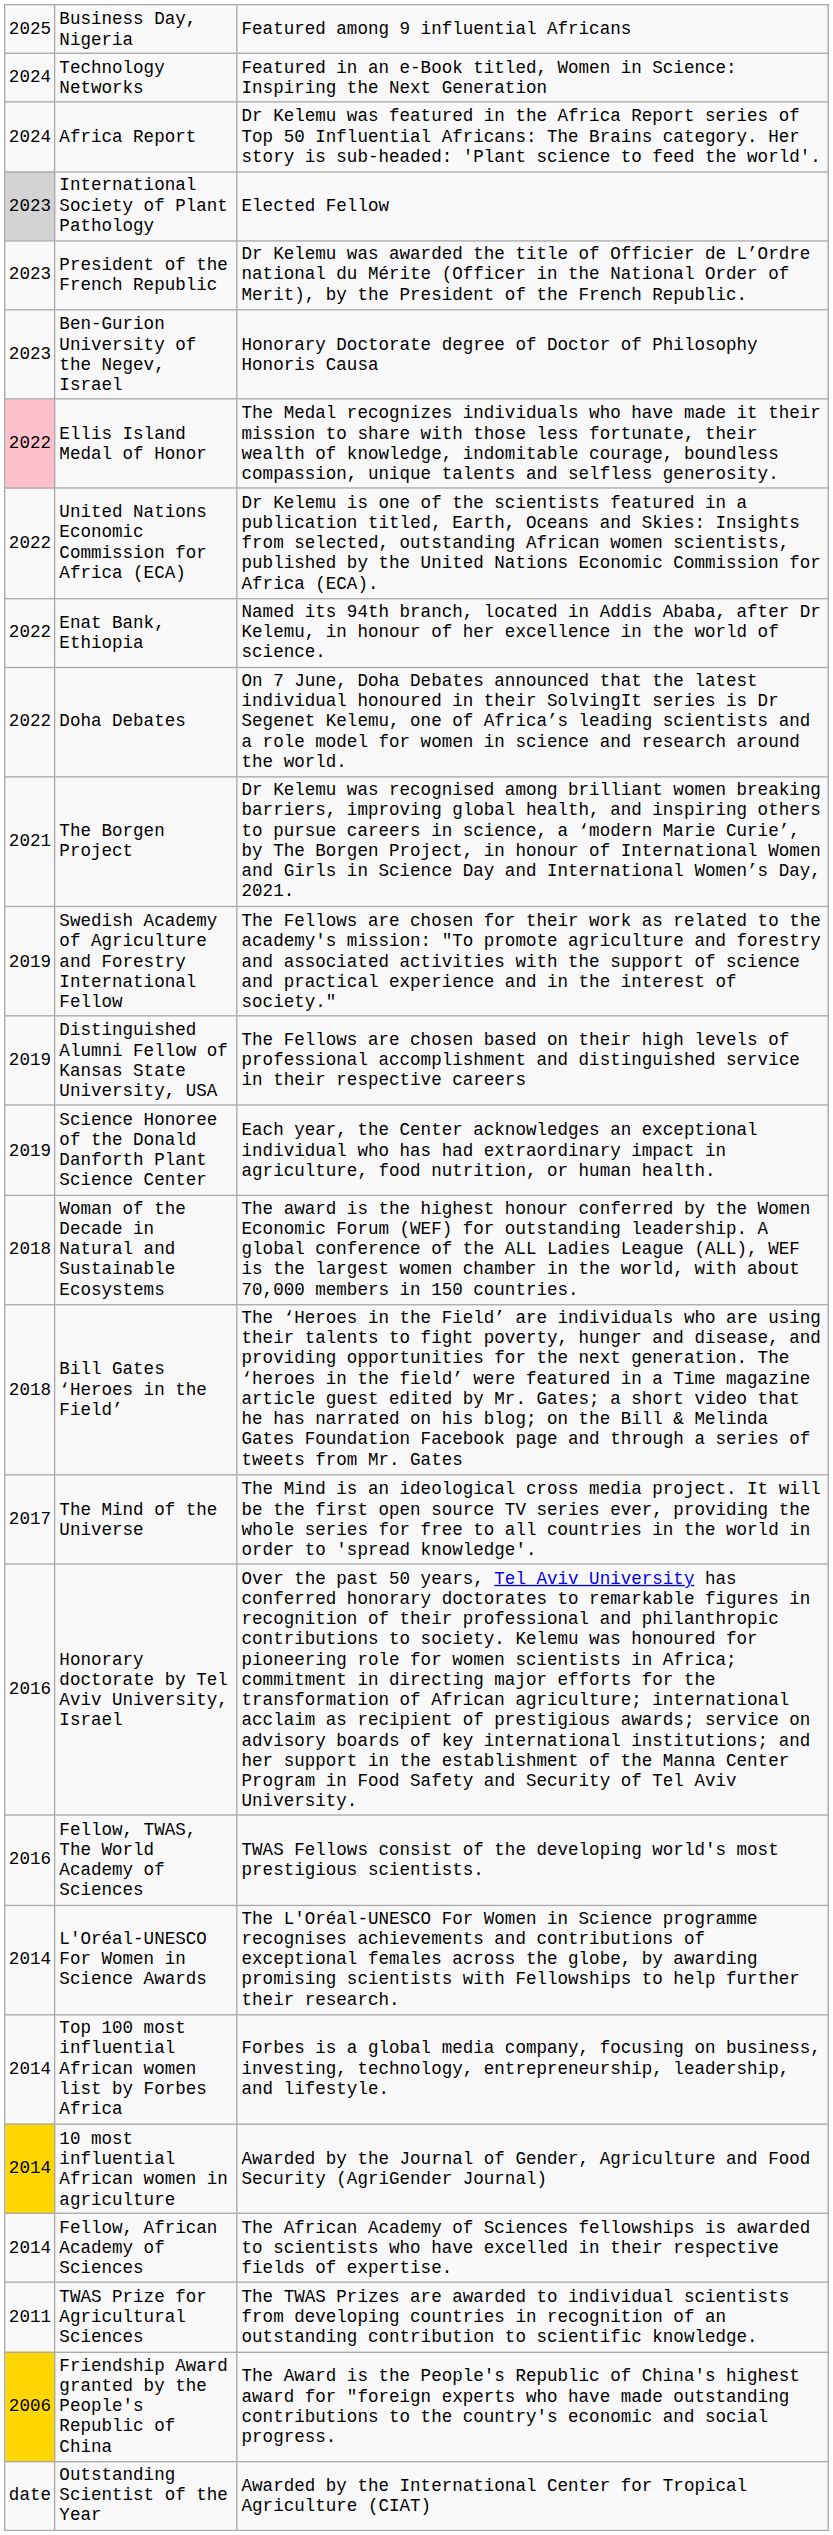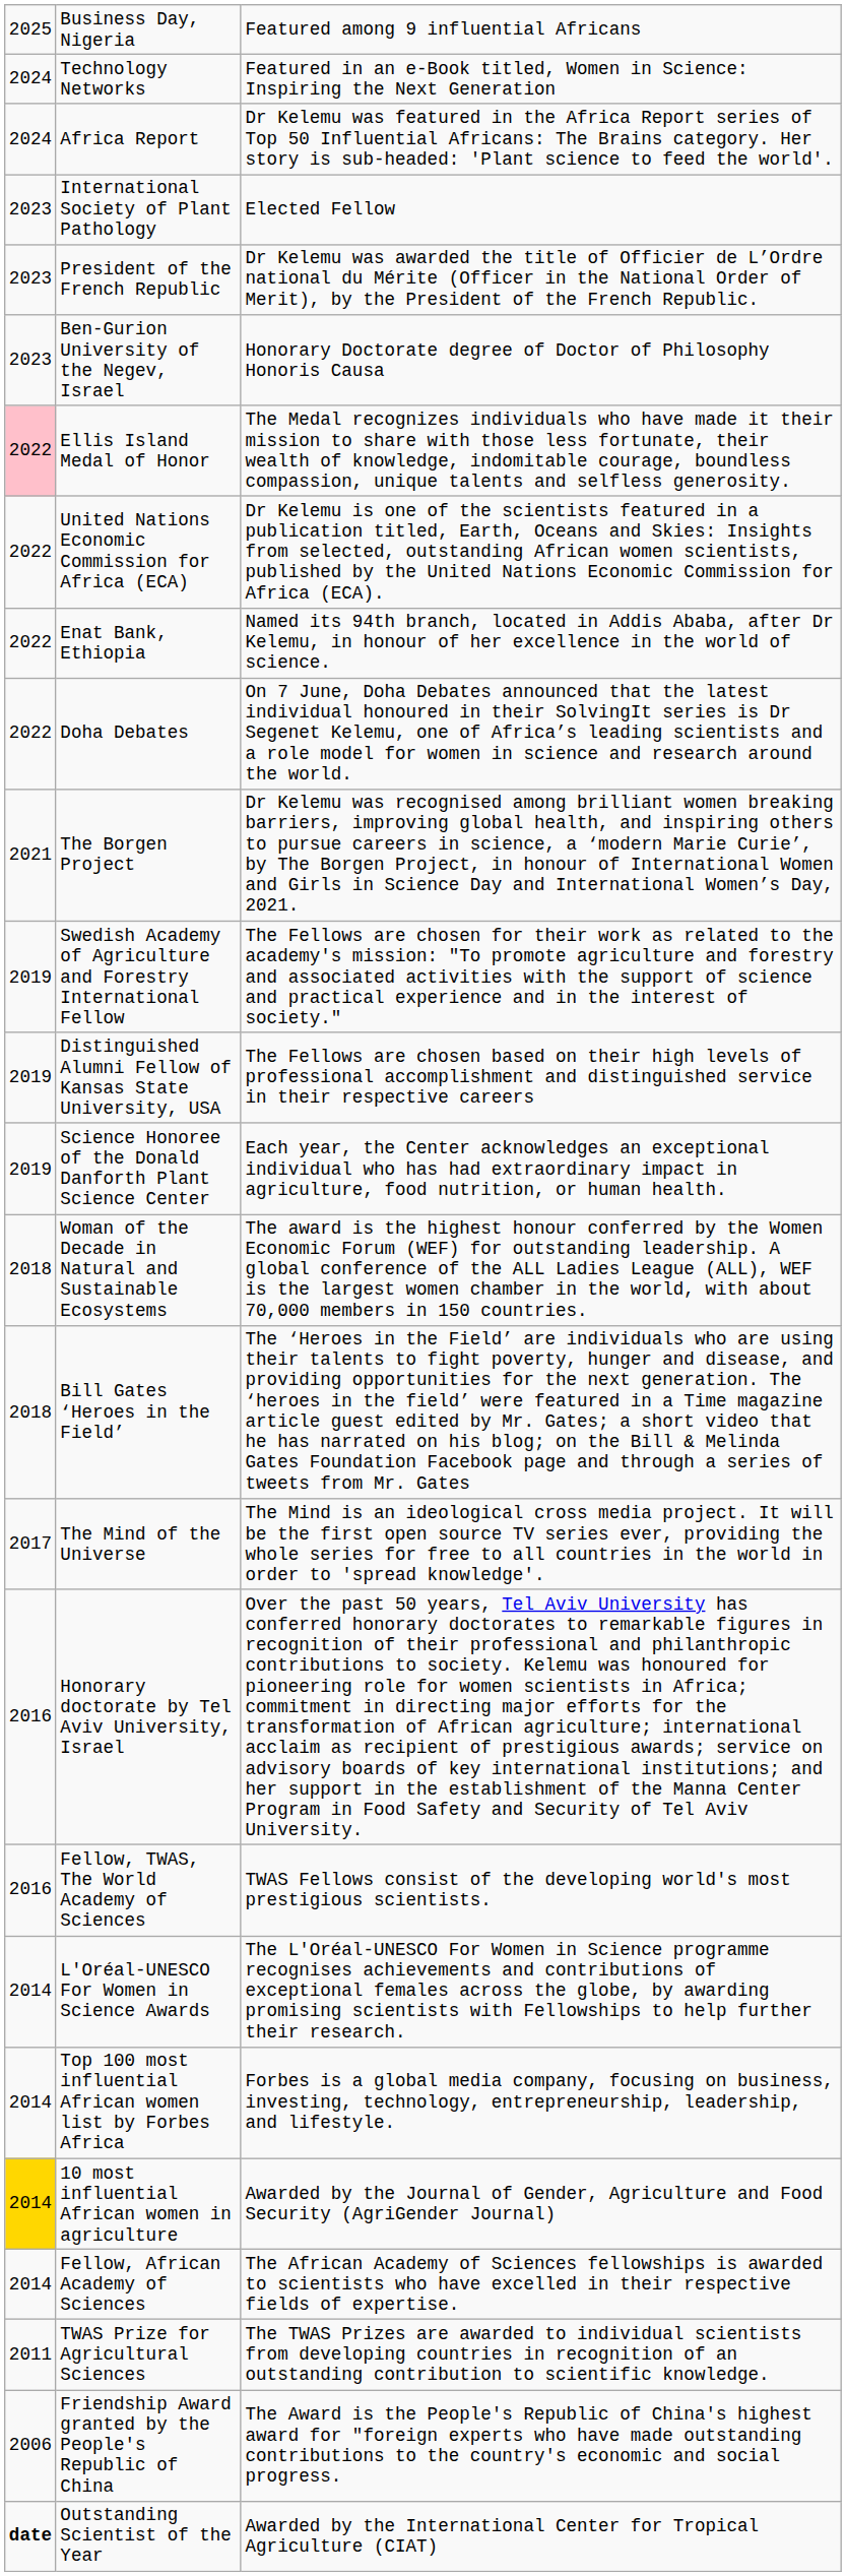 <table class="wikitable">
 <tr>
 <td>2025</td>
 <td>Business Day, Nigeria</td>
 <td>Featured among 9 influential Africans </td>
 </tr>
 <tr>
 <td>2024</td>
 <td>Technology Networks</td>
 <td>Featured in an e-Book titled, Women in Science: Inspiring the Next Generation </td>
 </tr>
 <tr>
 <td>2024</td>
 <td>Africa Report</td>
 <td>Dr Kelemu was featured in the Africa Report series of Top 50 Influential Africans: The Brains category. Her story is sub-headed: 'Plant science to feed the world'. </td>
 </tr>
 <tr>
-<td style="background: lightgrey;">2023</td>
+<td>2023</td>
 <td>International Society of Plant Pathology</td>
 <td>Elected Fellow </td>
 </tr>
 <tr>
 <td>2023</td>
 <td>President of the French Republic</td>
 <td>Dr Kelemu was awarded the title of Officier de L’Ordre national du Mérite (Officer in the National Order of Merit), by the President of the French Republic.</td>
 </tr>
 <tr>
 <td>2023</td>
 <td>Ben-Gurion University of the Negev, Israel</td>
 <td>Honorary Doctorate degree of Doctor of Philosophy Honoris Causa</td>
 </tr>
 <tr>
 <td style="background: pink;">2022</td>
 <td>Ellis Island Medal of Honor</td>
 <td>The Medal recognizes individuals who have made it their mission to share with those less fortunate, their wealth of knowledge, indomitable courage, boundless compassion, unique talents and selfless generosity. </td>
 </tr>
 <tr>
 <td>2022</td>
 <td>United Nations Economic Commission for Africa (ECA)</td>
 <td>Dr Kelemu is one of the scientists featured in a publication titled, Earth, Oceans and Skies: Insights from selected, outstanding African women scientists, published by the United Nations Economic Commission for Africa (ECA). </td>
 </tr>
 <tr>
 <td>2022</td>
 <td>Enat Bank, Ethiopia</td>
 <td>Named its 94th branch, located in Addis Ababa, after Dr  Kelemu, in honour of her excellence in the world of science.</td>
 </tr>
 <tr>
 <td>2022</td>
 <td>Doha Debates</td>
 <td>On 7 June, Doha Debates announced that the latest individual honoured in their SolvingIt series is Dr Segenet Kelemu, one of Africa’s leading scientists and a role model for women in science and research around the world. </td>
 </tr>
 <tr>
 <td>2021</td>
 <td>The Borgen Project</td>
 <td>Dr Kelemu was recognised among brilliant women breaking barriers, improving global health, and inspiring others to pursue careers in science, a ‘modern Marie Curie’, by The Borgen Project, in honour of International Women and Girls in Science Day and International Women’s Day, 2021.</td>
 </tr>
 <tr>
 <td>2019</td>
 <td>Swedish Academy of Agriculture and Forestry International Fellow</td>
 <td>The Fellows are chosen for their work as related to the academy's mission: "To promote agriculture and forestry and associated activities with the support of science and practical experience and in the interest of society."</td>
 </tr>
 <tr>
 <td>2019</td>
 <td>Distinguished Alumni Fellow of Kansas State University, USA</td>
 <td>The Fellows are chosen based on their high levels of professional accomplishment and distinguished service in their respective careers </td>
 </tr>
 <tr>
 <td>2019</td>
 <td>Science Honoree of the Donald Danforth Plant Science Center</td>
 <td>Each year, the Center acknowledges an exceptional individual who has had extraordinary impact in agriculture, food nutrition, or human health. </td>
 </tr>
 <tr>
 <td>2018</td>
 <td>Woman of the Decade in Natural and Sustainable Ecosystems</td>
 <td>The award is the highest honour conferred by the Women Economic Forum (WEF) for outstanding leadership. A global conference of the ALL Ladies League (ALL), WEF is the largest women chamber in the world, with about 70,000 members in 150 countries.</td>
 </tr>
 <tr>
 <td>2018</td>
 <td>Bill Gates ‘Heroes in the Field’</td>
 <td>The ‘Heroes in the Field’ are individuals who are using their talents to fight poverty, hunger and disease, and providing opportunities for the next generation. The ‘heroes in the field’ were featured in a Time magazine article guest edited by Mr. Gates; a short video that he has narrated on his blog; on the Bill & Melinda Gates Foundation Facebook page and through a series of tweets from Mr. Gates</td>
 </tr>
 <tr>
 <td>2017</td>
 <td>The Mind of the Universe</td>
 <td>The Mind is an ideological cross media project. It will be the first open source TV series ever, providing the whole series for free to all countries in the world in order to 'spread knowledge'.</td>
 </tr>
 <tr>
 <td>2016</td>
 <td>Honorary doctorate by Tel Aviv University, Israel</td>
 <td>Over the past 50 years, <a href='#'>Tel Aviv University</a> has conferred honorary doctorates to remarkable figures in recognition of their professional and philanthropic contributions to society. Kelemu was honoured for pioneering role for women scientists in Africa; commitment in directing major efforts for the transformation of African agriculture; international acclaim as recipient of prestigious awards; service on advisory boards of key international institutions; and her support in the establishment of the Manna Center Program in Food Safety and Security of Tel Aviv University.</td>
 </tr>
 <tr>
 <td>2016</td>
 <td>Fellow, TWAS, The World Academy of Sciences</td>
 <td>TWAS Fellows consist of the developing world's most prestigious scientists.</td>
 </tr>
 <tr>
 <td>2014</td>
 <td>L'Oréal-UNESCO For Women in Science Awards</td>
 <td>The L'Oréal-UNESCO For Women in Science programme recognises achievements and contributions of exceptional females across the globe, by awarding promising scientists with Fellowships to help further their research.</td>
 </tr>
 <tr>
 <td>2014</td>
 <td>Top 100 most influential African women list by Forbes Africa</td>
 <td>Forbes is a global media company, focusing on business, investing, technology, entrepreneurship, leadership, and lifestyle.</td>
 </tr>
 <tr>
 <td style="background: gold;">2014</td>
 <td>10 most influential African women in agriculture</td>
 <td>Awarded by the Journal of Gender, Agriculture and Food Security (AgriGender Journal)</td>
 </tr>
 <tr>
 <td>2014</td>
 <td>Fellow, African Academy of Sciences</td>
 <td>The African Academy of Sciences fellowships is awarded to scientists who have excelled in their respective fields of expertise.</td>
 </tr>
 <tr>
 <td>2011</td>
 <td>TWAS Prize for Agricultural Sciences</td>
 <td>The TWAS Prizes are awarded to individual scientists from developing countries in recognition of an outstanding contribution to scientific knowledge.</td>
 </tr>
 <tr>
-<td style="background: gold;">2006</td>
+<td>2006</td>
 <td>Friendship Award granted by the People's Republic of China</td>
 <td>The Award is the People's Republic of China's highest award for "foreign experts who have made outstanding contributions to the country's economic and social progress.</td>
 </tr>
 <tr>
-<td>date</td>
+<td><strong>date</strong></td>
 <td>Outstanding Scientist of the Year</td>
 <td>Awarded by the International Center for Tropical Agriculture (CIAT)</td>
 </tr>
 </table>
